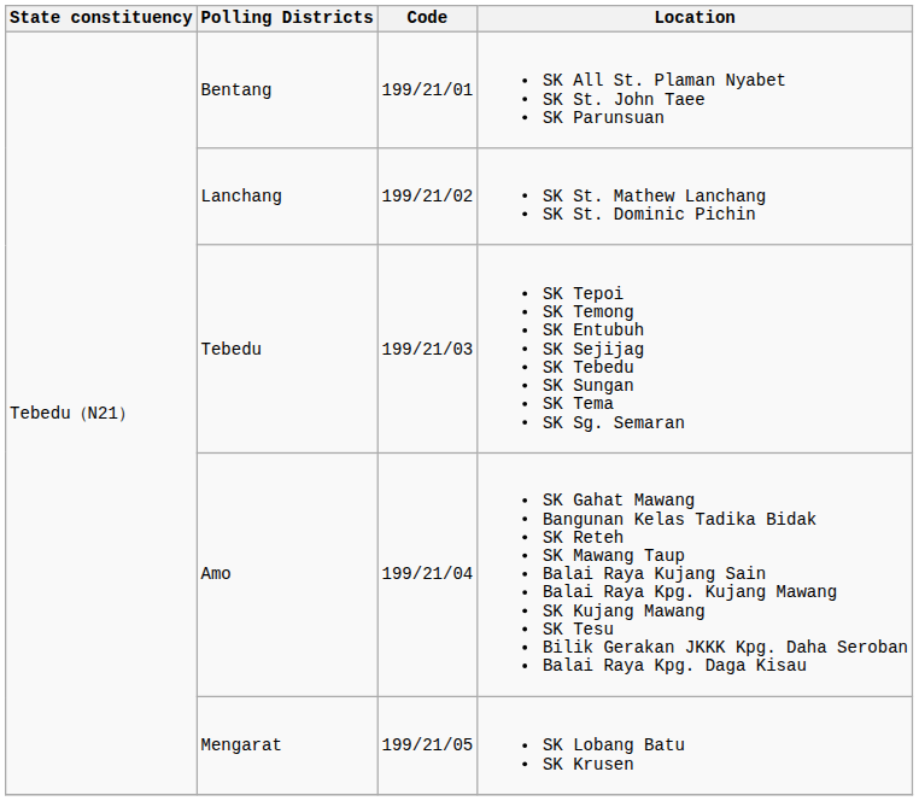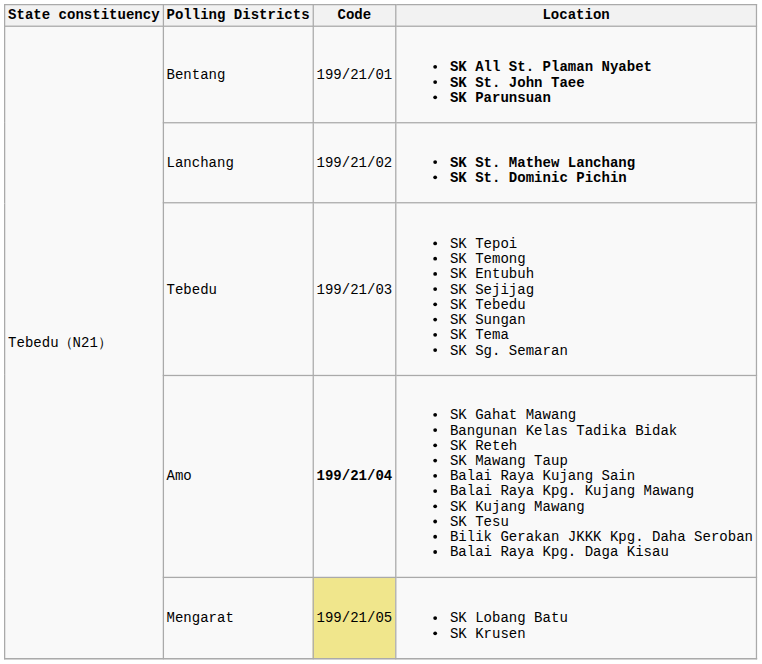 <table class="wikitable sortable mw-collapsible" style="white-space:nowrap;font-size:85%">
 <tr>
 <th>State constituency</th>
 <th>Polling Districts</th>
 <th>Code</th>
 <th>Location</th>
 </tr>
 <tr>
 <td rowspan="5">Tebedu（N21）</td>
 <td>Bentang</td>
 <td>199/21/01</td>
-<td><br><ul><li>SK All St. Plaman Nyabet</li><li>SK St. John Taee</li><li>SK Parunsuan</li></ul></td>
+<td><strong><br><ul><li>SK All St. Plaman Nyabet</li><li>SK St. John Taee</li><li>SK Parunsuan</li></ul></strong></td>
 </tr>
 <tr>
 <td>Lanchang</td>
 <td>199/21/02</td>
-<td><br><ul><li>SK St. Mathew Lanchang</li><li>SK St. Dominic Pichin</li></ul></td>
+<td><strong><br><ul><li>SK St. Mathew Lanchang</li><li>SK St. Dominic Pichin</li></ul></strong></td>
 </tr>
 <tr>
 <td>Tebedu</td>
 <td>199/21/03</td>
 <td><br><ul><li>SK Tepoi</li><li>SK Temong</li><li>SK Entubuh</li><li>SK Sejijag</li><li>SK Tebedu</li><li>SK Sungan</li><li>SK Tema</li><li>SK Sg. Semaran</li></ul></td>
 </tr>
 <tr>
 <td>Amo</td>
-<td>199/21/04</td>
+<td><strong>199/21/04</strong></td>
 <td><br><ul><li>SK Gahat Mawang</li><li>Bangunan Kelas Tadika Bidak</li><li>SK Reteh</li><li>SK Mawang Taup</li><li>Balai Raya Kujang Sain</li><li>Balai Raya Kpg. Kujang Mawang</li><li>SK Kujang Mawang</li><li>SK Tesu</li><li>Bilik Gerakan JKKK Kpg. Daha Seroban</li><li>Balai Raya Kpg. Daga Kisau</li></ul></td>
 </tr>
 <tr>
 <td>Mengarat</td>
-<td>199/21/05</td>
+<td style="background: khaki;">199/21/05</td>
 <td><br><ul><li>SK Lobang Batu</li><li>SK Krusen</li></ul></td>
 </tr>
 <tr>
 </tr>
 </table>
